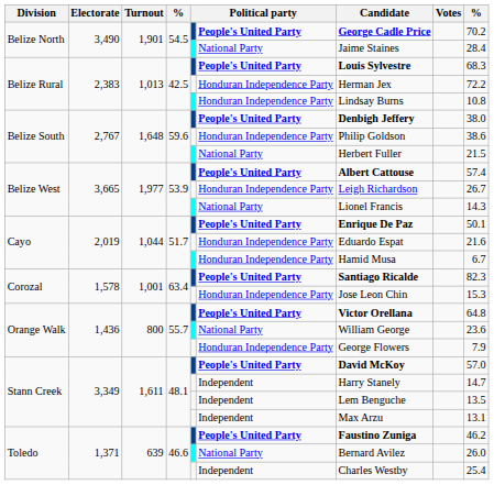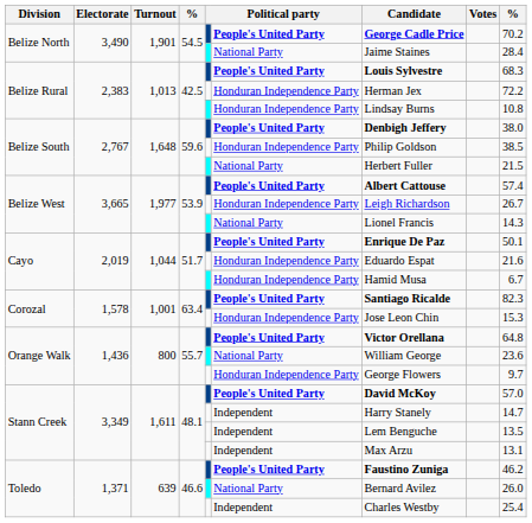 <table class="wikitable">
 <tr>
 <th>Division</th>
 <th>Electorate</th>
 <th>Turnout</th>
 <th>%</th>
 <th colspan="2">Political party</th>
 <th>Candidate</th>
 <th>Votes</th>
 <th>%</th>
 </tr>
 <tr>
 <td rowspan="2">Belize North</td>
 <td rowspan="2" align=right>3,490</td>
 <td rowspan="2" align=right>1,901</td>
 <td rowspan="2" align=right>54.5</td>
 <td bgcolor="#003F87"></td>
 <td><strong><a href='#'>People's United Party</a></strong></td>
 <td><strong><a href='#'>George Cadle Price</a></strong></td>
 <td></td>
 <td align=right>70.2</td>
 </tr>
 <tr>
 <td bgcolor=aqua></td>
 <td><a href='#'>National Party</a></td>
 <td>Jaime Staines</td>
 <td></td>
 <td>28.4</td>
 </tr>
 <tr>
 <td rowspan="3">Belize Rural</td>
 <td rowspan="3" align=right>2,383</td>
 <td rowspan="3" align=right>1,013</td>
 <td rowspan="3" align=right>42.5</td>
 <td bgcolor="#003F87"></td>
 <td><strong><a href='#'>People's United Party</a></strong></td>
 <td><strong>Louis Sylvestre</strong></td>
 <td></td>
 <td align=right>68.3</td>
 </tr>
 <tr>
 <td bgcolor=></td>
 <td><a href='#'>Honduran Independence Party</a></td>
 <td>Herman Jex</td>
 <td></td>
 <td align=right>72.2</td>
 </tr>
 <tr>
 <td bgcolor="aqua"></td>
 <td><a href='#'>Honduran Independence Party</a></td>
 <td>Lindsay Burns</td>
 <td></td>
 <td align=right>10.8</td>
 </tr>
 <tr>
 <td rowspan="3">Belize South</td>
 <td rowspan="3" align=right>2,767</td>
 <td rowspan="3" align=right>1,648</td>
 <td rowspan="3" align=right>59.6</td>
 <td bgcolor="#003F87"></td>
 <td><strong><a href='#'>People's United Party</a></strong></td>
 <td><strong>Denbigh Jeffery</strong></td>
 <td></td>
 <td align=right>38.0</td>
 </tr>
 <tr>
 <td bgcolor=></td>
 <td><a href='#'>Honduran Independence Party</a></td>
 <td>Philip Goldson</td>
 <td></td>
-<td>38.6</td>
+<td>38.5</td>
 </tr>
 <tr>
 <td bgcolor="aqua"></td>
 <td><a href='#'>National Party</a></td>
 <td>Herbert Fuller</td>
 <td></td>
 <td align=right>21.5</td>
 </tr>
 <tr>
 <td rowspan="3">Belize West</td>
 <td rowspan="3" align=right>3,665</td>
 <td rowspan="3" align=right>1,977</td>
 <td rowspan="3" align=right>53.9</td>
 <td bgcolor="#003F87"></td>
 <td><strong><a href='#'>People's United Party</a></strong></td>
 <td><strong>Albert Cattouse</strong></td>
 <td></td>
 <td align=right>57.4</td>
 </tr>
 <tr>
 <td bgcolor=></td>
 <td><a href='#'>Honduran Independence Party</a></td>
 <td><a href='#'>Leigh Richardson</a></td>
 <td></td>
 <td align=right>26.7</td>
 </tr>
 <tr>
 <td bgcolor="aqua"></td>
 <td><a href='#'>National Party</a></td>
 <td>Lionel Francis</td>
 <td></td>
 <td>14.3</td>
 </tr>
 <tr>
 <td rowspan="3">Cayo</td>
 <td rowspan="3" align=right>2,019</td>
 <td rowspan="3" align=right>1,044</td>
 <td rowspan="3" align=right>51.7</td>
 <td bgcolor="#003F87"></td>
 <td><strong><a href='#'>People's United Party</a></strong></td>
 <td><strong>Enrique De Paz</strong></td>
 <td></td>
 <td align=right>50.1</td>
 </tr>
 <tr>
 <td bgcolor=></td>
 <td><a href='#'>Honduran Independence Party</a></td>
 <td>Eduardo Espat</td>
 <td></td>
 <td align=right>21.6</td>
 </tr>
 <tr>
 <td bgcolor=aqua></td>
 <td><a href='#'>Honduran Independence Party</a></td>
 <td>Hamid Musa</td>
 <td></td>
 <td align=right>6.7</td>
 </tr>
 <tr>
 <td rowspan="2">Corozal</td>
 <td rowspan="2" align=right>1,578</td>
 <td rowspan="2" align=right>1,001</td>
 <td rowspan="2" align=right>63.4</td>
 <td bgcolor="#003F87"></td>
 <td><strong><a href='#'>People's United Party</a></strong></td>
 <td><strong>Santiago Ricalde</strong></td>
 <td></td>
 <td align=right>82.3</td>
 </tr>
 <tr>
 <td bgcolor=></td>
 <td><a href='#'>Honduran Independence Party</a></td>
 <td>Jose Leon Chin</td>
 <td></td>
 <td align=right>15.3</td>
 </tr>
 <tr>
 <td rowspan="3">Orange Walk</td>
 <td rowspan="3" align=right>1,436</td>
 <td rowspan="3" align=right>800</td>
 <td rowspan="3" align=right>55.7</td>
 <td bgcolor="#003F87"></td>
 <td><strong><a href='#'>People's United Party</a></strong></td>
 <td><strong>Victor Orellana</strong></td>
 <td></td>
 <td align=right>64.8</td>
 </tr>
 <tr>
 <td bgcolor="aqua"></td>
 <td><a href='#'>National Party</a></td>
 <td>William George</td>
 <td></td>
 <td align=right>23.6</td>
 </tr>
 <tr>
 <td bgcolor=></td>
 <td><a href='#'>Honduran Independence Party</a></td>
 <td>George Flowers</td>
 <td></td>
-<td align=right>7.9</td>
+<td align=right>9.7</td>
 </tr>
 <tr>
 <td rowspan="4">Stann Creek</td>
 <td rowspan="4" align=right>3,349</td>
 <td rowspan="4" align=right>1,611</td>
 <td rowspan="4" align=right>48.1</td>
 <td bgcolor="#003F87"></td>
 <td><strong><a href='#'>People's United Party</a></strong></td>
 <td><strong>David McKoy</strong></td>
 <td></td>
 <td align=right>57.0</td>
 </tr>
 <tr>
 <td bgcolor=></td>
 <td>Independent</td>
 <td>Harry Stanely</td>
 <td></td>
 <td align=right>14.7</td>
 </tr>
 <tr>
 <td bgcolor=></td>
 <td>Independent</td>
 <td>Lem Benguche</td>
 <td></td>
 <td align=right>13.5</td>
 </tr>
 <tr>
 <td bgcolor=></td>
 <td>Independent</td>
 <td>Max Arzu</td>
 <td></td>
 <td align=right>13.1</td>
 </tr>
 <tr>
 <td rowspan="3">Toledo</td>
 <td rowspan="3" align=right>1,371</td>
 <td rowspan="3" align=right>639</td>
 <td rowspan="3" align=right>46.6</td>
 <td bgcolor="#003F87"></td>
 <td><strong><a href='#'>People's United Party</a></strong></td>
 <td><strong>Faustino Zuniga</strong></td>
 <td></td>
 <td align=right>46.2</td>
 </tr>
 <tr>
 <td bgcolor="aqua"></td>
 <td><a href='#'>National Party</a></td>
 <td>Bernard Avilez</td>
 <td></td>
 <td align=right>26.0</td>
 </tr>
 <tr>
 <td bgcolor=></td>
 <td>Independent</td>
 <td>Charles Westby</td>
 <td></td>
 <td align=right>25.4</td>
 </tr>
 </table>
